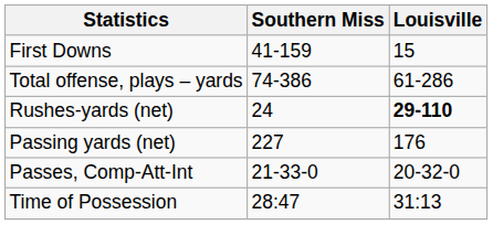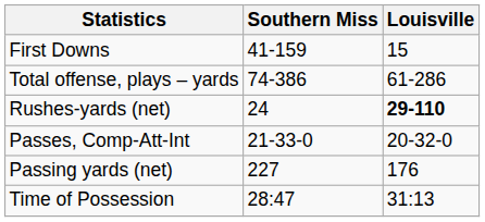 <table class="wikitable">
 <tr>
 <th>Statistics</th>
 <th>Southern Miss</th>
 <th>Louisville</th>
 </tr>
 <tr>
 <td>First Downs</td>
 <td>41-159</td>
 <td>15</td>
 </tr>
 <tr>
 <td>Total offense, plays – yards</td>
 <td>74-386</td>
 <td>61-286</td>
 </tr>
 <tr>
 <td>Rushes-yards (net)</td>
 <td>24</td>
 <td><strong>29-110</strong></td>
 </tr>
 <tr>
+<td>Passes, Comp-Att-Int</td>
+<td>21-33-0</td>
+<td>20-32-0</td>
+</tr>
+<tr>
 <td>Passing yards (net)</td>
 <td>227</td>
 <td>176</td>
-</tr>
-<tr>
-<td>Passes, Comp-Att-Int</td>
-<td>21-33-0</td>
-<td>20-32-0</td>
 </tr>
 <tr>
 <td>Time of Possession</td>
 <td>28:47</td>
 <td>31:13</td>
 </tr>
 <tr>
 </tr>
 </table>
